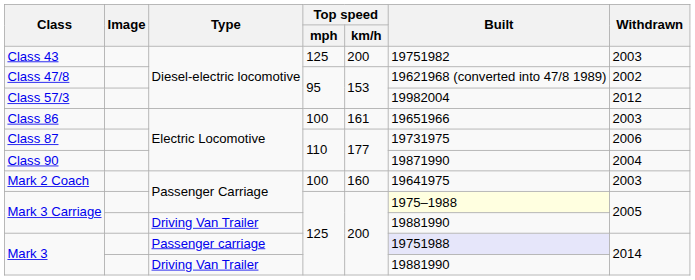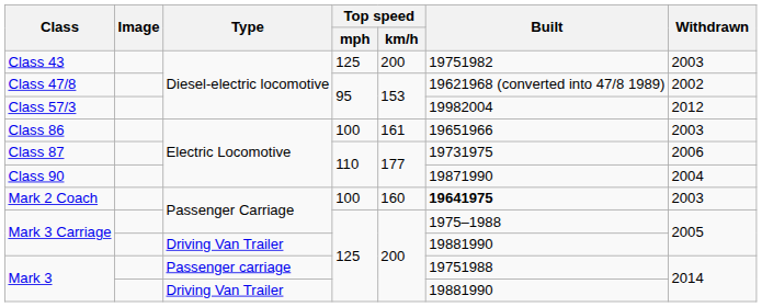 <table class="wikitable">
 <tr style="background:#f9f9f9;">
 <th rowspan="2"> Class </th>
 <th rowspan="2">Image</th>
 <th rowspan="2"> Type </th>
 <th colspan="2"> Top speed </th>
 <th rowspan="2"> Built </th>
 <th rowspan="2"> Withdrawn </th>
 </tr>
 <tr style="background:#f9f9f9;">
 <th> mph </th>
 <th> km/h </th>
 </tr>
 <tr>
 <td><a href='#'>Class 43</a></td>
 <td></td>
 <td rowspan="3">Diesel-electric locomotive</td>
 <td>125</td>
 <td>200</td>
 <td>19751982</td>
 <td>2003</td>
 </tr>
 <tr>
 <td><a href='#'>Class 47/8</a></td>
 <td></td>
 <td rowspan="2">95</td>
 <td rowspan="2">153</td>
 <td>19621968 (converted into 47/8 1989)</td>
 <td>2002</td>
 </tr>
 <tr>
 <td><a href='#'>Class 57/3</a></td>
 <td></td>
 <td>19982004</td>
 <td>2012</td>
 </tr>
 <tr>
 <td><a href='#'>Class 86</a></td>
 <td></td>
 <td rowspan="3">Electric Locomotive</td>
 <td>100</td>
 <td>161</td>
 <td>19651966</td>
 <td>2003</td>
 </tr>
 <tr>
 <td><a href='#'>Class 87</a></td>
 <td></td>
 <td rowspan="2">110</td>
 <td rowspan="2">177</td>
 <td>19731975</td>
 <td>2006</td>
 </tr>
 <tr>
 <td><a href='#'>Class 90</a></td>
 <td></td>
 <td>19871990</td>
 <td>2004</td>
 </tr>
 <tr>
 <td><a href='#'>Mark 2 Coach</a></td>
 <td></td>
 <td rowspan="2">Passenger Carriage</td>
 <td>100</td>
 <td>160</td>
-<td>19641975</td>
+<td><strong>19641975</strong></td>
 <td>2003</td>
 </tr>
 <tr>
 <td rowspan=2><a href='#'>Mark 3 Carriage</a></td>
 <td></td>
 <td rowspan="4">125</td>
 <td rowspan="4">200</td>
-<td style="background: lightyellow;">1975–1988</td>
+<td>1975–1988</td>
 <td rowspan="2">2005</td>
 </tr>
 <tr>
 <td></td>
 <td><a href='#'>Driving Van Trailer</a></td>
 <td>19881990</td>
 </tr>
 <tr>
 <td rowspan=2><a href='#'>Mark 3</a></td>
 <td></td>
 <td><a href='#'>Passenger carriage</a></td>
-<td style="background: lavender;">19751988</td>
+<td>19751988</td>
 <td rowspan="2">2014</td>
 </tr>
 <tr>
 <td></td>
 <td><a href='#'>Driving Van Trailer</a></td>
 <td>19881990</td>
 </tr>
 </table>
